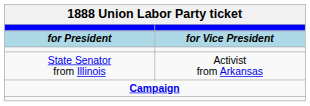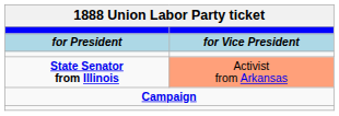 <table class="wikitable" style="font-size:90%; text-align:center;">
 <tr>
 <td style="background:#f1f1f1;" colspan="30"><big><strong>1888 Union Labor Party ticket</strong></big></td>
 </tr>
 <tr>
 <th style="width:3em; font-size:135%; background:#0000FF; width:200px;"><a href='#'></a></th>
 <th style="width:3em; font-size:135%; background:#0000FF; width:200px;"><a href='#'></a></th>
 </tr>
 <tr style="color:#000; font-size:100%; background:#add8e6;">
 <td style="width:3em; width:200px;"><strong><em>for President</em></strong></td>
 <td style="width:3em; width:200px;"><strong><em>for Vice President</em></strong></td>
 </tr>
 <tr>
 <td></td>
 <td></td>
 </tr>
 <tr>
-<td><a href='#'>State Senator</a><br>from <a href='#'>Illinois</a></td>
-<td>Activist<br>from <a href='#'>Arkansas</a></td>
+<td><strong><a href='#'>State Senator</a><br>from <a href='#'>Illinois</a></strong></td>
+<td style="background: lightsalmon;">Activist<br>from <a href='#'>Arkansas</a></td>
 </tr>
 <tr>
 <td colspan=2><a href='#'><strong>Campaign</strong></a></td>
 </tr>
 <tr>
 <td colspan=2></td>
 </tr>
 </table>
